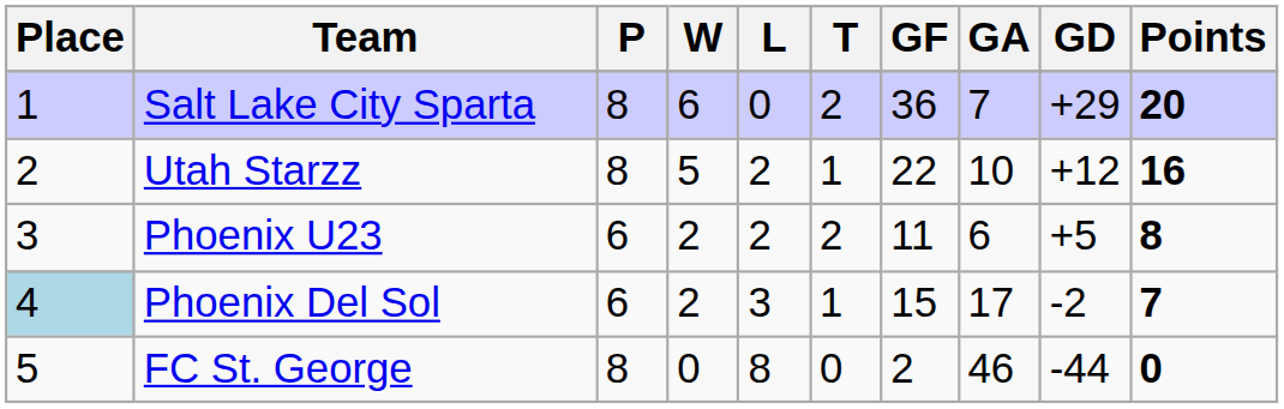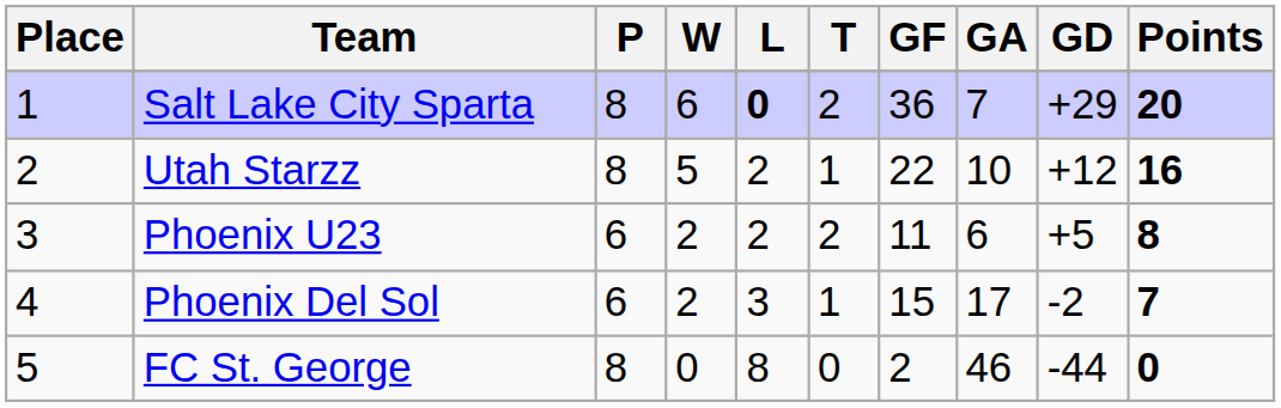 <table class="wikitable">
 <tr>
 <th>Place</th>
 <th width="170">Team</th>
 <th width="20">P</th>
 <th width="20">W</th>
 <th width="20">L</th>
 <th width="20">T</th>
 <th width="20">GF</th>
 <th width="20">GA</th>
 <th width="25">GD</th>
 <th>Points</th>
 </tr>
 <tr>
 </tr>
 <tr bgcolor=#ccccff>
 <td>1</td>
 <td><a href='#'>Salt Lake City Sparta</a></td>
 <td>8</td>
 <td>6</td>
-<td>0</td>
+<td><strong>0</strong></td>
 <td>2</td>
 <td>36</td>
 <td>7</td>
 <td>+29</td>
 <td><strong>20</strong></td>
 </tr>
 <tr>
 <td>2</td>
 <td><a href='#'>Utah Starzz</a></td>
 <td>8</td>
 <td>5</td>
 <td>2</td>
 <td>1</td>
 <td>22</td>
 <td>10</td>
 <td>+12</td>
 <td><strong>16</strong></td>
 </tr>
 <tr>
 <td>3</td>
 <td><a href='#'>Phoenix U23</a></td>
 <td>6</td>
 <td>2</td>
 <td>2</td>
 <td>2</td>
 <td>11</td>
 <td>6</td>
 <td>+5</td>
 <td><strong>8</strong></td>
 </tr>
 <tr>
-<td style="background: lightblue;">4</td>
+<td>4</td>
 <td><a href='#'>Phoenix Del Sol</a></td>
 <td>6</td>
 <td>2</td>
 <td>3</td>
 <td>1</td>
 <td>15</td>
 <td>17</td>
 <td>-2</td>
 <td><strong>7</strong></td>
 </tr>
 <tr>
 <td>5</td>
 <td><a href='#'>FC St. George</a></td>
 <td>8</td>
 <td>0</td>
 <td>8</td>
 <td>0</td>
 <td>2</td>
 <td>46</td>
 <td>-44</td>
 <td><strong>0</strong></td>
 </tr>
 </table>
